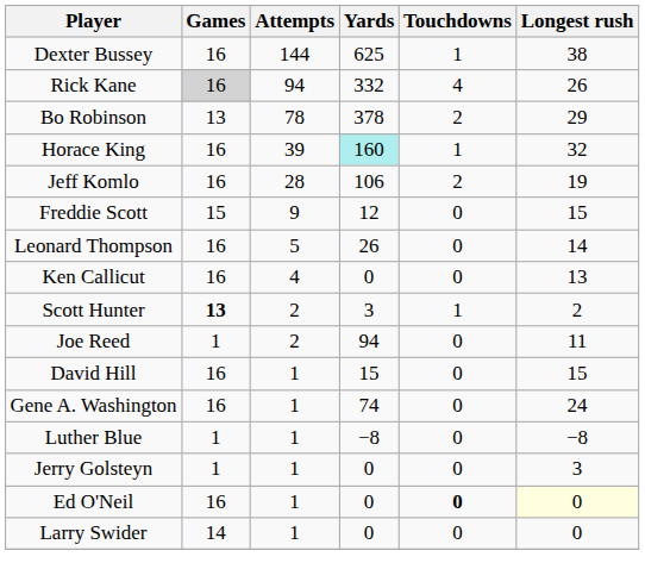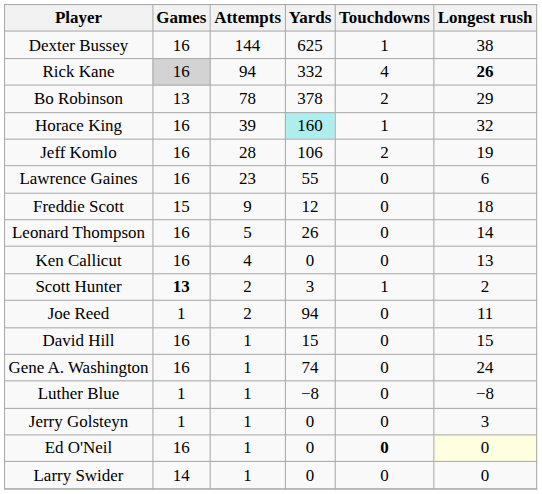 <table class="wikitable" style="text-align:center">
 <tr>
 <th>Player</th>
 <th>Games</th>
 <th>Attempts</th>
 <th>Yards</th>
 <th>Touchdowns</th>
 <th>Longest rush</th>
 </tr>
 <tr>
 <td>Dexter Bussey</td>
 <td>16</td>
 <td>144</td>
 <td>625</td>
 <td>1</td>
 <td>38</td>
 </tr>
 <tr>
 <td>Rick Kane</td>
 <td style="background: lightgrey;">16</td>
 <td>94</td>
 <td>332</td>
 <td>4</td>
-<td>26</td>
+<td><strong>26</strong></td>
 </tr>
 <tr>
 <td>Bo Robinson</td>
 <td>13</td>
 <td>78</td>
 <td>378</td>
 <td>2</td>
 <td>29</td>
 </tr>
 <tr>
 <td>Horace King</td>
 <td>16</td>
 <td>39</td>
 <td style="background: paleturquoise;">160</td>
 <td>1</td>
 <td>32</td>
 </tr>
 <tr>
 <td>Jeff Komlo</td>
 <td>16</td>
 <td>28</td>
 <td>106</td>
 <td>2</td>
 <td>19</td>
 </tr>
 <tr>
+<td>Lawrence Gaines</td>
+<td>16</td>
+<td>23</td>
+<td>55</td>
+<td>0</td>
+<td>6</td>
+</tr>
+<tr>
 <td>Freddie Scott</td>
 <td>15</td>
 <td>9</td>
 <td>12</td>
 <td>0</td>
-<td>15</td>
+<td>18</td>
 </tr>
 <tr>
 <td>Leonard Thompson</td>
 <td>16</td>
 <td>5</td>
 <td>26</td>
 <td>0</td>
 <td>14</td>
 </tr>
 <tr>
 <td>Ken Callicut</td>
 <td>16</td>
 <td>4</td>
 <td>0</td>
 <td>0</td>
 <td>13</td>
 </tr>
 <tr>
 <td>Scott Hunter</td>
 <td><strong>13</strong></td>
 <td>2</td>
 <td>3</td>
 <td>1</td>
 <td>2</td>
 </tr>
 <tr>
 <td>Joe Reed</td>
 <td>1</td>
 <td>2</td>
 <td>94</td>
 <td>0</td>
 <td>11</td>
 </tr>
 <tr>
 <td>David Hill</td>
 <td>16</td>
 <td>1</td>
 <td>15</td>
 <td>0</td>
 <td>15</td>
 </tr>
 <tr>
 <td>Gene A. Washington</td>
 <td>16</td>
 <td>1</td>
 <td>74</td>
 <td>0</td>
 <td>24</td>
 </tr>
 <tr>
 <td>Luther Blue</td>
 <td>1</td>
 <td>1</td>
 <td>−8</td>
 <td>0</td>
 <td>−8</td>
 </tr>
 <tr>
 <td>Jerry Golsteyn</td>
 <td>1</td>
 <td>1</td>
 <td>0</td>
 <td>0</td>
 <td>3</td>
 </tr>
 <tr>
 <td>Ed O'Neil</td>
 <td>16</td>
 <td>1</td>
 <td>0</td>
 <td><strong>0</strong></td>
 <td style="background: lightyellow;">0</td>
 </tr>
 <tr>
 <td>Larry Swider</td>
 <td>14</td>
 <td>1</td>
 <td>0</td>
 <td>0</td>
 <td>0</td>
 </tr>
 <tr>
 </tr>
 </table>
